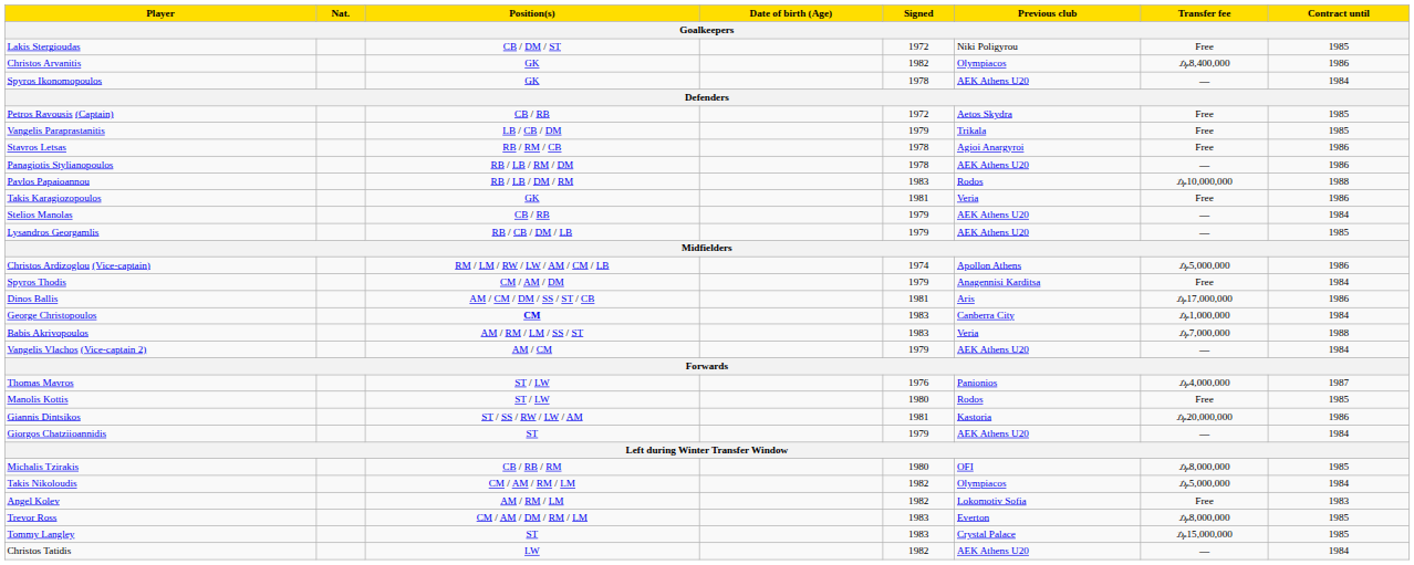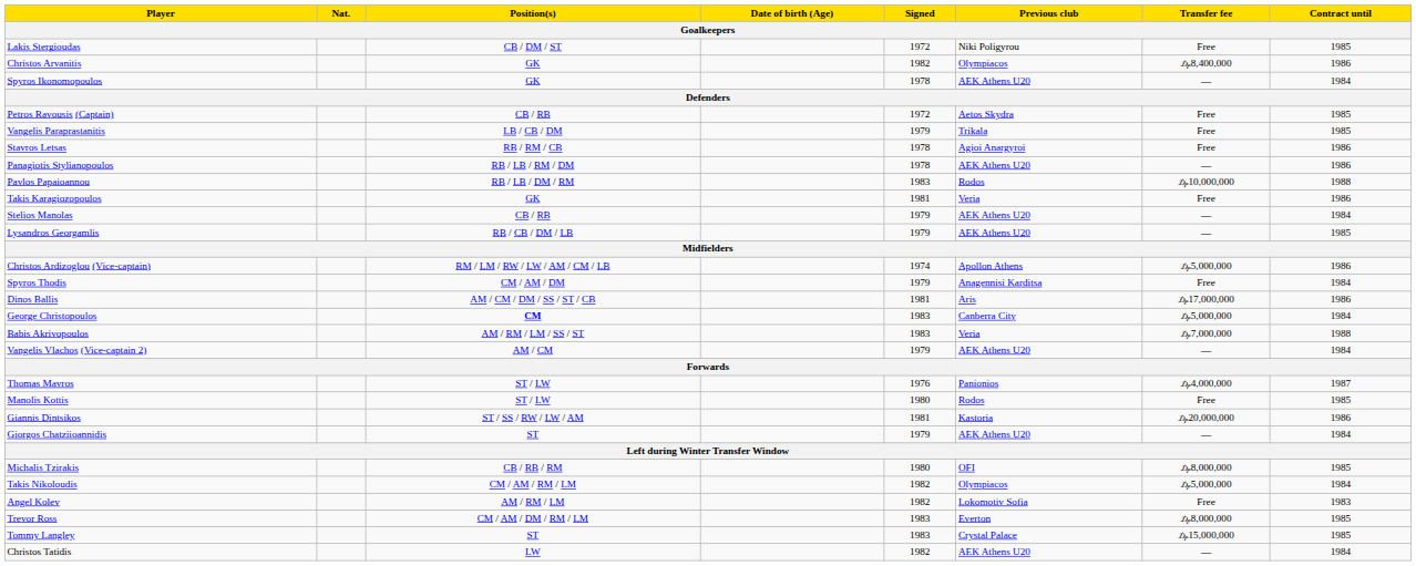 <table class="wikitable" style="text-align:center; font-size:90%;width:100%;">
 <tr>
 <th style="background:#FFDE00">Player</th>
 <th style="background:#FFDE00">Nat.</th>
 <th style="background:#FFDE00">Position(s)</th>
 <th style="background:#FFDE00">Date of birth (Age)</th>
 <th style="background:#FFDE00">Signed</th>
 <th style="background:#FFDE00">Previous club</th>
 <th style="background:#FFDE00">Transfer fee</th>
 <th style="background:#FFDE00">Contract until</th>
 </tr>
 <tr>
 <th colspan="8">Goalkeepers</th>
 </tr>
 <tr>
 <td align=left><a href='#'>Lakis Stergioudas</a></td>
 <td></td>
 <td><a href='#'>CB</a> / <a href='#'>DM</a> / <a href='#'>ST</a></td>
 <td></td>
 <td>1972</td>
 <td align=left> Niki Poligyrou</td>
 <td>Free</td>
 <td>1985</td>
 </tr>
 <tr>
 <td align=left><a href='#'>Christos Arvanitis</a></td>
 <td></td>
 <td><a href='#'>GK</a></td>
 <td></td>
 <td>1982</td>
 <td align=left> <a href='#'>Olympiacos</a></td>
 <td>₯8,400,000</td>
 <td>1986</td>
 </tr>
 <tr>
 <td align=left><a href='#'>Spyros Ikonomopoulos</a></td>
 <td></td>
 <td><a href='#'>GK</a></td>
 <td></td>
 <td>1978</td>
 <td align=left> <a href='#'>AEK Athens U20</a></td>
 <td>—</td>
 <td>1984</td>
 </tr>
 <tr>
 <th colspan="8">Defenders</th>
 </tr>
 <tr>
 <td align=left><a href='#'>Petros Ravousis</a> <a href='#'>(Captain)</a></td>
 <td></td>
 <td><a href='#'>CB</a> / <a href='#'>RB</a></td>
 <td></td>
 <td>1972</td>
 <td align=left> <a href='#'>Aetos Skydra</a></td>
 <td>Free</td>
 <td>1985</td>
 </tr>
 <tr>
 <td align=left><a href='#'>Vangelis Paraprastanitis</a></td>
 <td></td>
 <td><a href='#'>LB</a> / <a href='#'>CB</a> / <a href='#'>DM</a></td>
 <td></td>
 <td>1979</td>
 <td align=left> <a href='#'>Trikala</a></td>
 <td>Free</td>
 <td>1985</td>
 </tr>
 <tr>
 <td align=left><a href='#'>Stavros Letsas</a></td>
 <td></td>
 <td><a href='#'>RB</a> / <a href='#'>RM</a> / <a href='#'>CB</a></td>
 <td></td>
 <td>1978</td>
 <td align=left> <a href='#'>Agioi Anargyroi</a></td>
 <td>Free</td>
 <td>1986</td>
 </tr>
 <tr>
 <td align=left><a href='#'>Panagiotis Stylianopoulos</a></td>
 <td></td>
 <td><a href='#'>RB</a> / <a href='#'>LB</a> / <a href='#'>RM</a> / <a href='#'>DM</a></td>
 <td></td>
 <td>1978</td>
 <td align=left> <a href='#'>AEK Athens U20</a></td>
 <td>—</td>
 <td>1986</td>
 </tr>
 <tr>
 <td align=left><a href='#'>Pavlos Papaioannou</a></td>
 <td></td>
 <td><a href='#'>RB</a> / <a href='#'>LB</a> / <a href='#'>DM</a> / <a href='#'>RM</a></td>
 <td></td>
 <td>1983</td>
 <td align=left> <a href='#'>Rodos</a></td>
 <td>₯10,000,000</td>
 <td>1988</td>
 </tr>
 <tr>
 <td align=left><a href='#'>Takis Karagiozopoulos</a></td>
 <td></td>
 <td><a href='#'>GK</a></td>
 <td></td>
 <td>1981</td>
 <td align=left> <a href='#'>Veria</a></td>
 <td>Free</td>
 <td>1986</td>
 </tr>
 <tr>
 <td align=left><a href='#'>Stelios Manolas</a></td>
 <td></td>
 <td><a href='#'>CB</a> / <a href='#'>RB</a></td>
 <td></td>
 <td>1979</td>
 <td align=left> <a href='#'>AEK Athens U20</a></td>
 <td>—</td>
 <td>1984</td>
 </tr>
 <tr>
 <td align=left><a href='#'>Lysandros Georgamlis</a></td>
 <td></td>
 <td><a href='#'>RB</a> / <a href='#'>CB</a> / <a href='#'>DM</a> / <a href='#'>LB</a></td>
 <td></td>
 <td>1979</td>
 <td align=left> <a href='#'>AEK Athens U20</a></td>
 <td>—</td>
 <td>1985</td>
 </tr>
 <tr>
 <th colspan="8">Midfielders</th>
 </tr>
 <tr>
 <td align=left><a href='#'>Christos Ardizoglou</a> <a href='#'>(Vice-captain)</a></td>
 <td></td>
 <td><a href='#'>RM</a> / <a href='#'>LM</a> / <a href='#'>RW</a> / <a href='#'>LW</a>  / <a href='#'>AM</a> / <a href='#'>CM</a> / <a href='#'>LB</a></td>
 <td></td>
 <td>1974</td>
 <td align=left> <a href='#'>Apollon Athens</a></td>
 <td>₯5,000,000</td>
 <td>1986</td>
 </tr>
 <tr>
 <td align=left><a href='#'>Spyros Thodis</a></td>
 <td></td>
 <td><a href='#'>CM</a> / <a href='#'>AM</a> / <a href='#'>DM</a></td>
 <td></td>
 <td>1979</td>
 <td align=left> <a href='#'>Anagennisi Karditsa</a></td>
 <td>Free</td>
 <td>1984</td>
 </tr>
 <tr>
 <td align=left><a href='#'>Dinos Ballis</a></td>
 <td></td>
 <td><a href='#'>AM</a> / <a href='#'>CM</a> / <a href='#'>DM</a> / <a href='#'>SS</a> / <a href='#'>ST</a> / <a href='#'>CB</a></td>
 <td></td>
 <td>1981</td>
 <td align=left> <a href='#'>Aris</a></td>
 <td>₯17,000,000</td>
 <td>1986</td>
 </tr>
 <tr>
 <td align=left><a href='#'>George Christopoulos</a></td>
 <td></td>
 <td><strong><a href='#'>CM</a></strong></td>
 <td></td>
 <td>1983</td>
 <td align=left> <a href='#'>Canberra City</a></td>
-<td>₯1,000,000</td>
+<td>₯5,000,000</td>
 <td>1984</td>
 </tr>
 <tr>
 <td align=left><a href='#'>Babis Akrivopoulos</a></td>
 <td></td>
 <td><a href='#'>AM</a> / <a href='#'>RM</a> / <a href='#'>LM</a> / <a href='#'>SS</a> / <a href='#'>ST</a></td>
 <td></td>
 <td>1983</td>
 <td align=left> <a href='#'>Veria</a></td>
 <td>₯7,000,000</td>
 <td>1988</td>
 </tr>
 <tr>
 <td align=left><a href='#'>Vangelis Vlachos</a> <a href='#'>(Vice-captain 2)</a></td>
 <td></td>
 <td><a href='#'>AM</a> / <a href='#'>CM</a></td>
 <td></td>
 <td>1979</td>
 <td align=left> <a href='#'>AEK Athens U20</a></td>
 <td>—</td>
 <td>1984</td>
 </tr>
 <tr>
 <th colspan="8">Forwards</th>
 </tr>
 <tr>
 <td align=left><a href='#'>Thomas Mavros</a></td>
 <td></td>
 <td><a href='#'>ST</a> / <a href='#'>LW</a></td>
 <td></td>
 <td>1976</td>
 <td align=left> <a href='#'>Panionios</a></td>
 <td>₯4,000,000</td>
 <td>1987</td>
 </tr>
 <tr>
 <td align=left><a href='#'>Manolis Kottis</a></td>
 <td></td>
 <td><a href='#'>ST</a> / <a href='#'>LW</a></td>
 <td></td>
 <td>1980</td>
 <td align=left> <a href='#'>Rodos</a></td>
 <td>Free</td>
 <td>1985</td>
 </tr>
 <tr>
 <td align=left><a href='#'>Giannis Dintsikos</a></td>
 <td></td>
 <td><a href='#'>ST</a> / <a href='#'>SS</a> / <a href='#'>RW</a> / <a href='#'>LW</a> / <a href='#'>AM</a></td>
 <td></td>
 <td>1981</td>
 <td align=left> <a href='#'>Kastoria</a></td>
 <td>₯20,000,000</td>
 <td>1986</td>
 </tr>
 <tr>
 <td align=left><a href='#'>Giorgos Chatziioannidis</a></td>
 <td></td>
 <td><a href='#'>ST</a></td>
 <td></td>
 <td>1979</td>
 <td align=left> <a href='#'>AEK Athens U20</a></td>
 <td>—</td>
 <td>1984</td>
 </tr>
 <tr>
 <th colspan="8">Left during Winter Transfer Window</th>
 </tr>
 <tr>
 <td align=left><a href='#'>Michalis Tzirakis</a></td>
 <td></td>
 <td><a href='#'>CB</a> / <a href='#'>RB</a> / <a href='#'>RM</a></td>
 <td></td>
 <td>1980</td>
 <td align=left> <a href='#'>OFI</a></td>
 <td>₯8,000,000</td>
 <td>1985</td>
 </tr>
 <tr>
 <td align=left><a href='#'>Takis Nikoloudis</a></td>
 <td></td>
 <td><a href='#'>CM</a> / <a href='#'>AM</a> / <a href='#'>RM</a> / <a href='#'>LM</a></td>
 <td></td>
 <td>1982</td>
 <td align=left> <a href='#'>Olympiacos</a></td>
 <td>₯5,000,000</td>
 <td>1984</td>
 </tr>
 <tr>
 <td align=left><a href='#'>Angel Kolev</a></td>
 <td></td>
 <td><a href='#'>AM</a> / <a href='#'>RM</a> / <a href='#'>LM</a></td>
 <td></td>
 <td>1982</td>
 <td align=left> <a href='#'>Lokomotiv Sofia</a></td>
 <td>Free</td>
 <td>1983</td>
 </tr>
 <tr>
 <td align=left><a href='#'>Trevor Ross</a></td>
 <td></td>
 <td><a href='#'>CM</a>  / <a href='#'>AM</a> / <a href='#'>DM</a> / <a href='#'>RM</a> / <a href='#'>LM</a></td>
 <td></td>
 <td>1983</td>
 <td align=left> <a href='#'>Everton</a></td>
 <td>₯8,000,000</td>
 <td>1985</td>
 </tr>
 <tr>
 <td align=left><a href='#'>Tommy Langley</a></td>
 <td></td>
 <td><a href='#'>ST</a></td>
 <td></td>
 <td>1983</td>
 <td align=left> <a href='#'>Crystal Palace</a></td>
 <td>₯15,000,000</td>
 <td>1985</td>
 </tr>
 <tr>
 <td align=left>Christos Tatidis</td>
 <td></td>
 <td><a href='#'>LW</a></td>
 <td></td>
 <td>1982</td>
 <td align=left> <a href='#'>AEK Athens U20</a></td>
 <td>—</td>
 <td>1984</td>
 </tr>
 </table>
